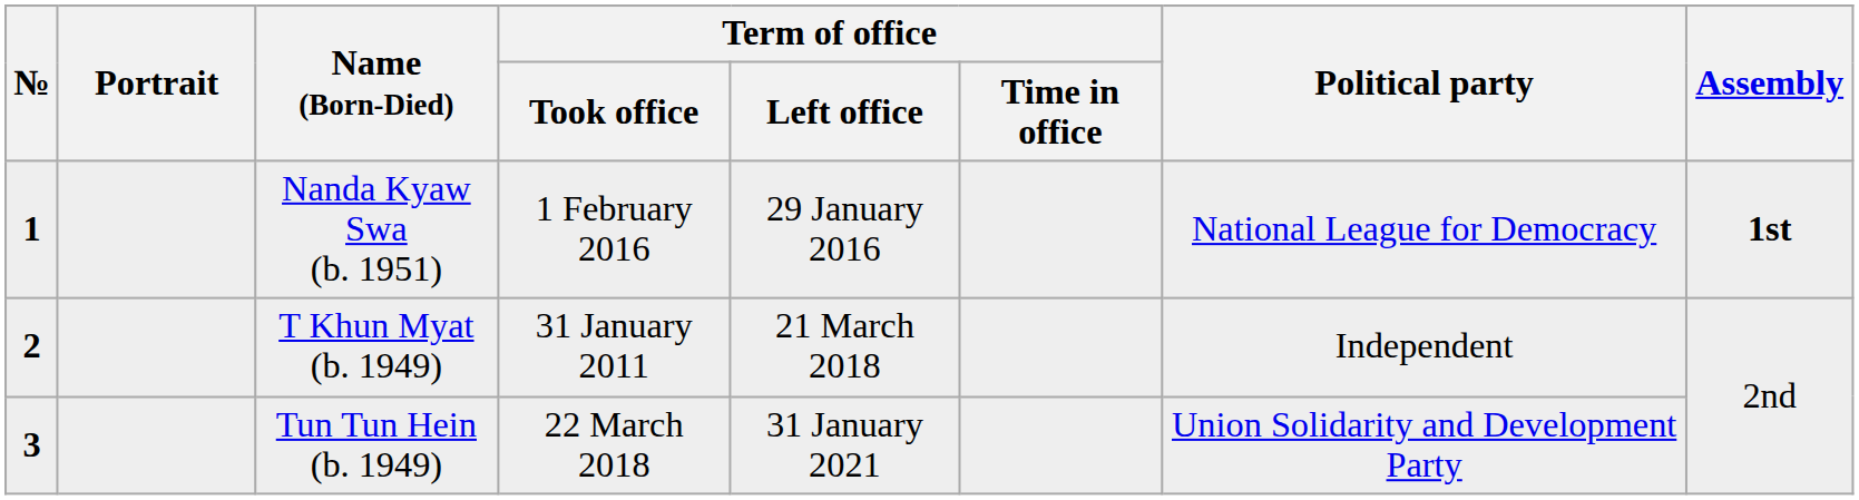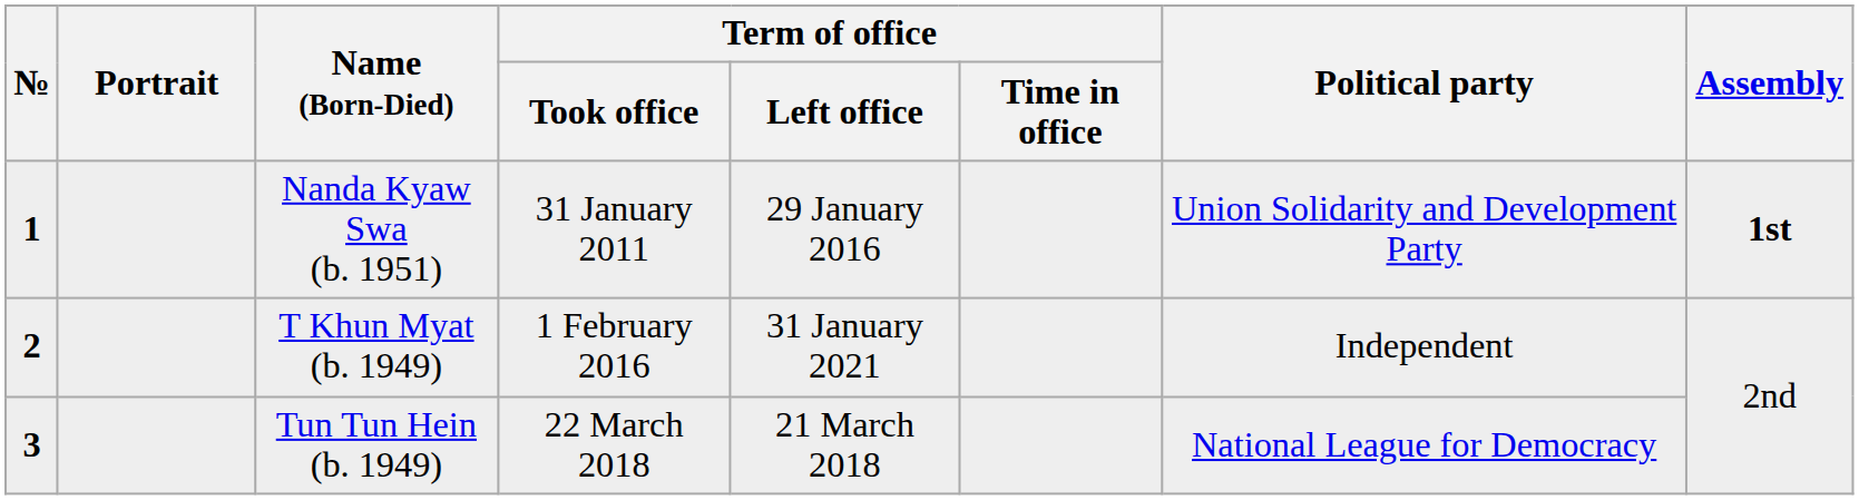 <table class="wikitable" style="text-align:center; width:65%; border:1px #AAAAFF solid">
 <tr>
 <th rowspan=2>№</th>
 <th width=80 rowspan=2>Portrait</th>
 <th rowspan=2>Name<br><small>(Born-Died)</small></th>
 <th colspan=3>Term of office</th>
 <th rowspan=2>Political party</th>
 <th rowspan=2><a href='#'>Assembly</a></th>
 </tr>
 <tr>
 <th>Took office</th>
 <th>Left office</th>
 <th>Time in office</th>
 </tr>
 <tr style="background:#EEEEEE">
 <td style="background:"><strong>1</strong></td>
 <td></td>
 <td><a href='#'>Nanda Kyaw Swa</a> <br> (b. 1951)</td>
-<td>1 February 2016</td>
+<td>31 January 2011</td>
 <td>29 January 2016</td>
 <td></td>
-<td><a href='#'>National League for Democracy</a></td>
+<td><a href='#'>Union Solidarity and Development Party</a></td>
 <td><strong>1st</strong></td>
 </tr>
 <tr style="background:#EEEEEE">
 <td style="background:; colour:white"><strong>2</strong></td>
 <td></td>
 <td><a href='#'>T Khun Myat</a> <br> (b. 1949)</td>
-<td>31 January 2011</td>
-<td>21 March 2018</td>
+<td>1 February 2016</td>
+<td>31 January 2021</td>
 <td></td>
 <td>Independent</td>
 <td rowspan="2">2nd</td>
 </tr>
 <tr style="background:#EEEEEE">
 <td style="background:"><strong>3</strong></td>
 <td></td>
 <td><a href='#'>Tun Tun Hein</a> <br> (b. 1949)</td>
 <td>22 March 2018</td>
-<td>31 January 2021</td>
+<td>21 March 2018</td>
 <td></td>
-<td><a href='#'>Union Solidarity and Development Party</a></td>
+<td><a href='#'>National League for Democracy</a></td>
 </tr>
 </table>
